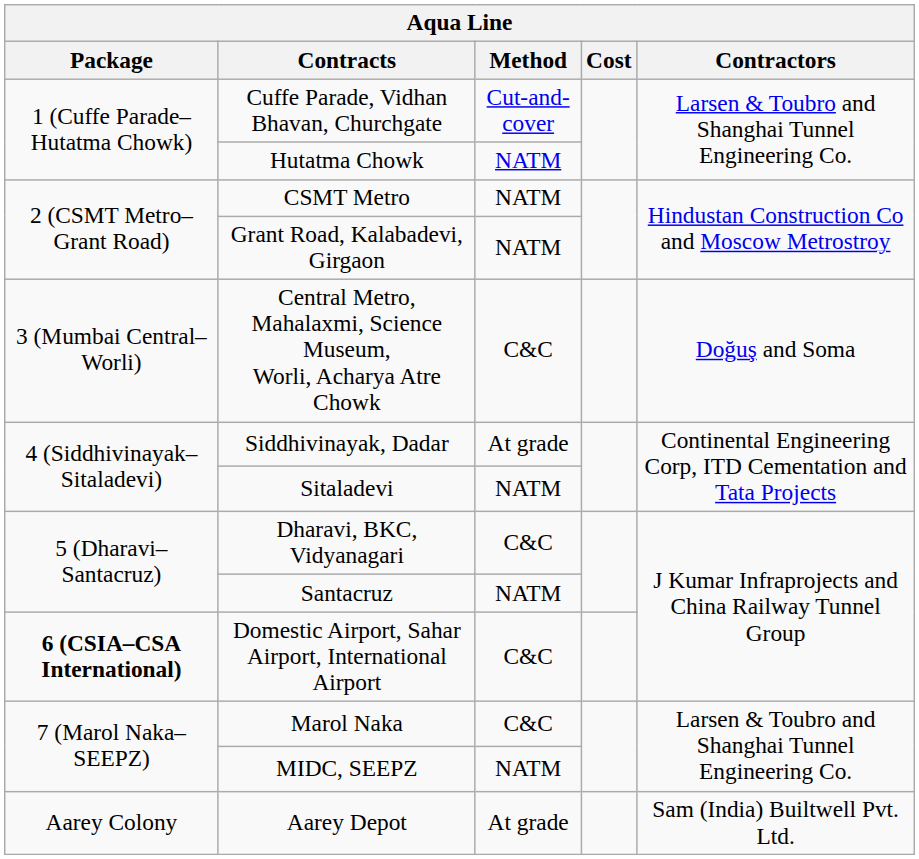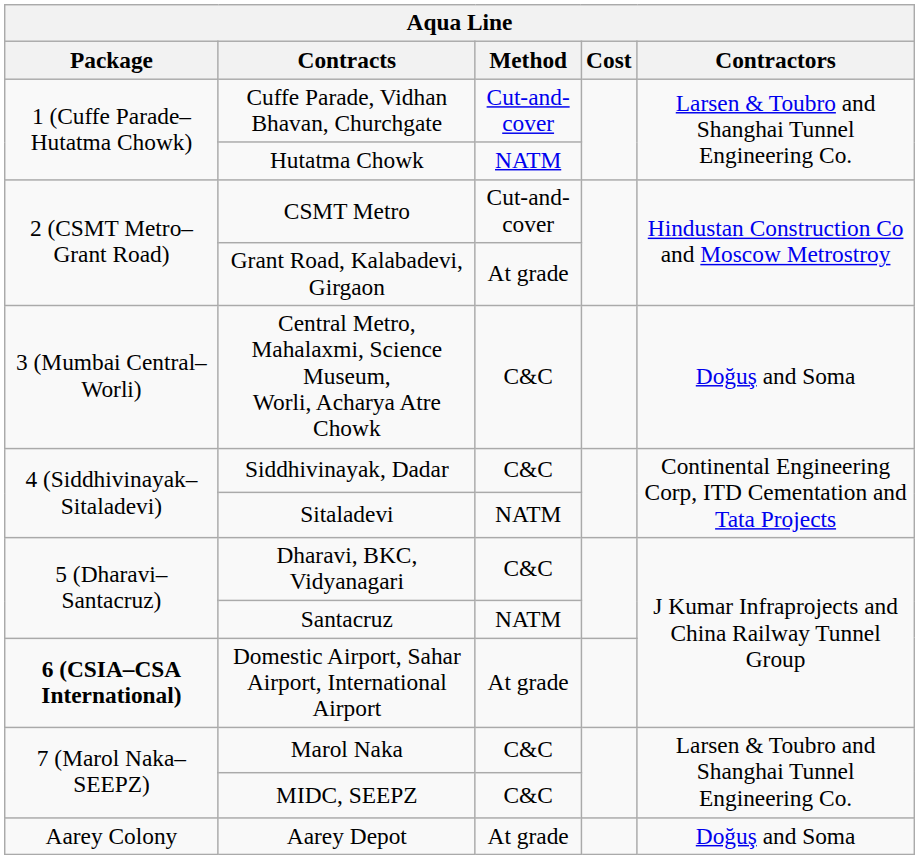 <table class="wikitable" style="text-align:center;margin:auto;">
 <tr>
 <th colspan="5" align="center" style="background:#"><span><strong>Aqua Line</strong></span></th>
 </tr>
 <tr>
 <th>Package</th>
 <th>Contracts</th>
 <th>Method</th>
 <th>Cost</th>
 <th>Contractors</th>
 </tr>
 <tr>
 <td rowspan = "2">1 (Cuffe Parade–Hutatma Chowk)</td>
 <td>Cuffe Parade, Vidhan Bhavan, Churchgate</td>
 <td><a href='#'>Cut-and-cover</a></td>
 <td rowspan = "2"></td>
 <td rowspan = "2"><a href='#'>Larsen & Toubro</a> and Shanghai Tunnel Engineering Co.</td>
 </tr>
 <tr>
 <td>Hutatma Chowk</td>
 <td><a href='#'>NATM</a></td>
 </tr>
 <tr>
 <td rowspan = "2">2 (CSMT Metro–Grant Road)</td>
 <td>CSMT Metro</td>
-<td>NATM</td>
+<td>Cut-and-cover</td>
 <td rowspan = "2"></td>
 <td rowspan = "2"><a href='#'>Hindustan Construction Co</a> and <a href='#'>Moscow Metrostroy</a></td>
 </tr>
 <tr>
 <td>Grant Road, Kalabadevi, Girgaon</td>
-<td>NATM</td>
+<td>At grade</td>
 </tr>
 <tr>
 <td>3 (Mumbai Central–Worli)</td>
 <td>Central Metro, Mahalaxmi, Science Museum,<br>Worli, Acharya Atre Chowk</td>
 <td>C&C</td>
 <td></td>
 <td><a href='#'>Doğuş</a> and Soma</td>
 </tr>
 <tr>
 <td rowspan = "2">4 (Siddhivinayak–Sitaladevi)</td>
 <td>Siddhivinayak, Dadar</td>
-<td>At grade</td>
+<td>C&C</td>
 <td rowspan = "2"></td>
 <td rowspan = "2">Continental Engineering Corp, ITD Cementation and <a href='#'>Tata Projects</a></td>
 </tr>
 <tr>
 <td>Sitaladevi</td>
 <td>NATM</td>
 </tr>
 <tr>
 <td rowspan = "2">5 (Dharavi–Santacruz)</td>
 <td>Dharavi, BKC, Vidyanagari</td>
 <td>C&C</td>
 <td rowspan = "2"></td>
 <td rowspan = "3">J Kumar Infraprojects and China Railway Tunnel Group</td>
 </tr>
 <tr>
 <td>Santacruz</td>
 <td>NATM</td>
 </tr>
 <tr>
 <td><strong>6 (CSIA–CSA International)</strong></td>
 <td>Domestic Airport, Sahar Airport, International Airport</td>
-<td>C&C</td>
+<td>At grade</td>
 <td></td>
 </tr>
 <tr>
 <td rowspan = "2">7 (Marol Naka–SEEPZ)</td>
 <td>Marol Naka</td>
 <td>C&C</td>
 <td rowspan = "2"></td>
 <td rowspan = "2">Larsen & Toubro and Shanghai Tunnel Engineering Co.</td>
 </tr>
 <tr>
 <td>MIDC, SEEPZ</td>
-<td>NATM</td>
+<td>C&C</td>
 </tr>
 <tr>
 <td>Aarey Colony</td>
 <td>Aarey Depot</td>
 <td>At grade</td>
 <td></td>
-<td>Sam (India) Builtwell Pvt. Ltd.</td>
+<td><a href='#'>Doğuş</a> and Soma</td>
 </tr>
 </table>
